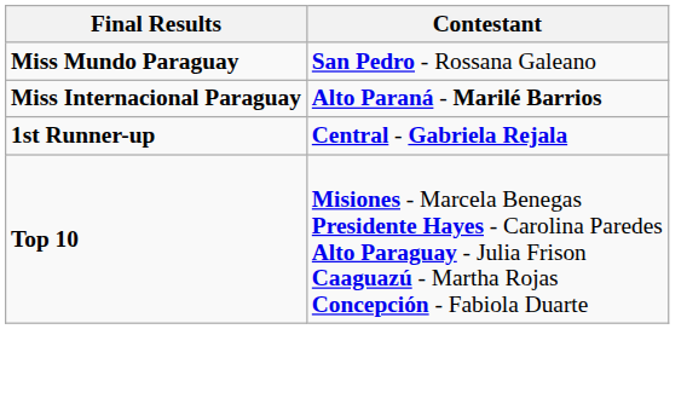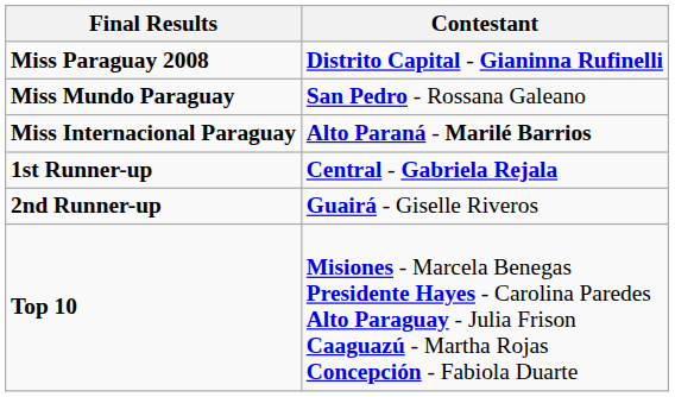 <table class="wikitable">
 <tr>
 <th>Final Results</th>
 <th>Contestant</th>
+</tr>
+<tr>
+<td><strong>Miss Paraguay 2008</strong></td>
+<td> <strong><a href='#'>Distrito Capital</a></strong> - <strong><a href='#'>Gianinna Rufinelli</a></strong></td>
 </tr>
 <tr>
 <td><strong>Miss Mundo Paraguay</strong></td>
 <td> <strong><a href='#'>San Pedro</a></strong> - Rossana Galeano</td>
 </tr>
 <tr>
 <td><strong>Miss Internacional Paraguay</strong></td>
 <td> <strong><a href='#'>Alto Paraná</a></strong>  - <strong>Marilé Barrios</strong></td>
 </tr>
 <tr>
 <td><strong>1st Runner-up</strong></td>
 <td> <strong><a href='#'>Central</a></strong> - <strong><a href='#'>Gabriela Rejala</a></strong></td>
 </tr>
 <tr>
+<td><strong>2nd Runner-up</strong></td>
+<td> <strong><a href='#'>Guairá</a></strong> - Giselle Riveros</td>
+</tr>
+<tr>
 <td><strong>Top 10</strong></td>
 <td><br> <strong><a href='#'>Misiones</a></strong> - Marcela Benegas<br>  <strong><a href='#'>Presidente Hayes</a></strong> - Carolina Paredes<br>  <strong><a href='#'>Alto Paraguay</a></strong> - Julia Frison<br>  <strong><a href='#'>Caaguazú</a></strong> - Martha Rojas<br>  <strong><a href='#'>Concepción</a></strong> - Fabiola Duarte<br></td>
 </tr>
 </table>
